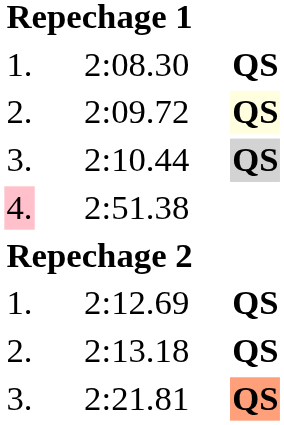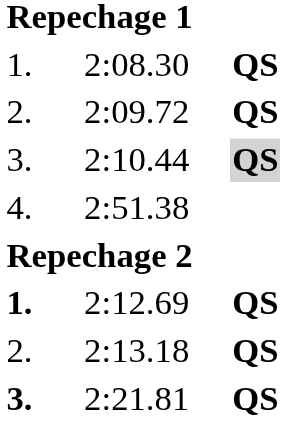 <table style="text-align:center">
 <tr>
 <td colspan=4 align=left><strong>Repechage 1</strong></td>
 </tr>
 <tr>
 <td width-30>1.</td>
 <td align=left></td>
 <td width=80>2:08.30</td>
 <td><strong>QS</strong></td>
 </tr>
 <tr>
 <td>2.</td>
 <td align=left></td>
 <td>2:09.72</td>
-<td style="background: lightyellow;"><strong>QS</strong></td>
+<td><strong>QS</strong></td>
 </tr>
 <tr>
 <td>3.</td>
 <td align=left></td>
 <td>2:10.44</td>
 <td style="background: lightgrey;"><strong>QS</strong></td>
 </tr>
 <tr>
-<td style="background: pink;">4.</td>
+<td>4.</td>
 <td align=left></td>
 <td>2:51.38</td>
 <td></td>
 </tr>
 <tr>
 <td colspan=4 align=left><strong>Repechage 2</strong></td>
 </tr>
 <tr>
-<td>1.</td>
+<td><strong>1.</strong></td>
 <td align=left></td>
 <td width=80>2:12.69</td>
 <td><strong>QS</strong></td>
 </tr>
 <tr>
 <td>2.</td>
 <td align=left></td>
 <td>2:13.18</td>
 <td><strong>QS</strong></td>
 </tr>
 <tr>
-<td>3.</td>
+<td><strong>3.</strong></td>
 <td align=left></td>
 <td>2:21.81</td>
-<td style="background: lightsalmon;"><strong>QS</strong></td>
+<td><strong>QS</strong></td>
 </tr>
 </table>
